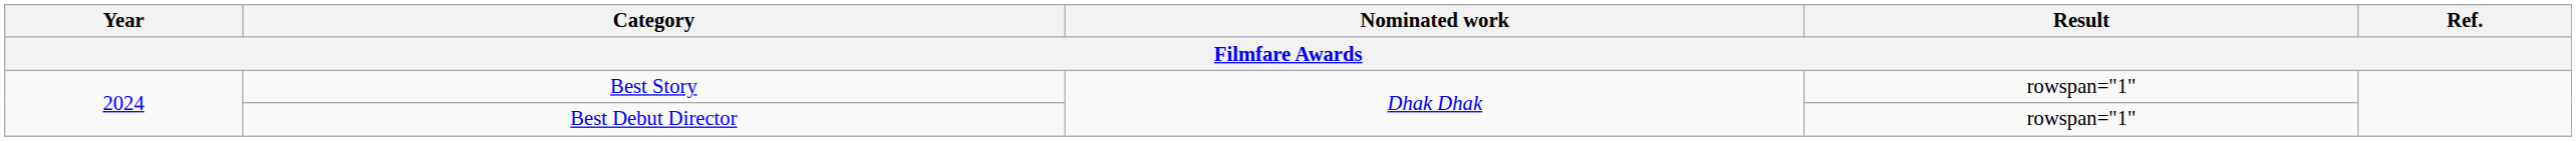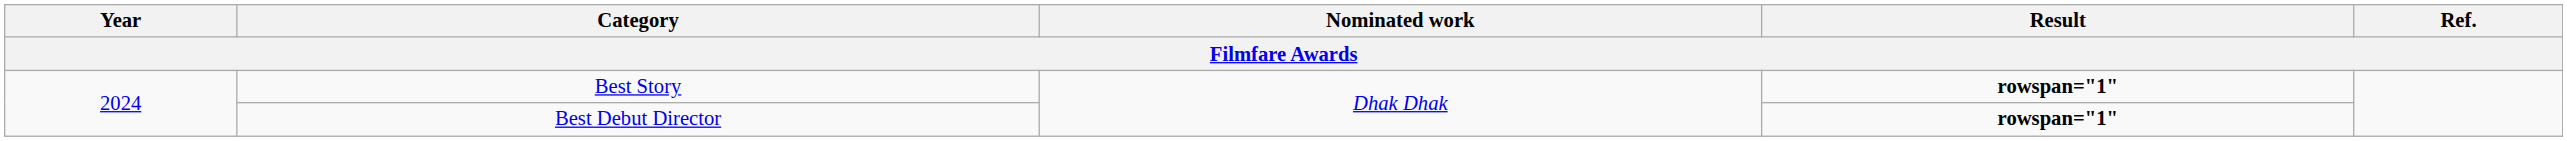 <table class="wikitable sortable" style="width: 100%; text-align: center;">
 <tr>
 <th scope="col">Year</th>
 <th scope="col">Category</th>
 <th scope="col">Nominated work</th>
 <th scope="col">Result</th>
 <th scope="col">Ref.</th>
 </tr>
 <tr>
 <th colspan="5" style="background:FFC1CC;"><a href='#'>Filmfare Awards</a></th>
 </tr>
 <tr>
 <td rowspan="2"><a href='#'>2024</a></td>
 <td rowspan="1"><a href='#'>Best Story</a></td>
 <td rowspan="2"><em><a href='#'>Dhak Dhak</a></em></td>
-<td>rowspan="1" </td>
+<td><strong>rowspan="1" </strong></td>
 <td rowspan="2"></td>
 </tr>
 <tr>
 <td rowspan="1"><a href='#'>Best Debut Director</a></td>
-<td>rowspan="1" </td>
+<td><strong>rowspan="1" </strong></td>
 </tr>
 </table>
